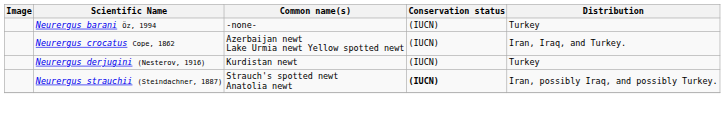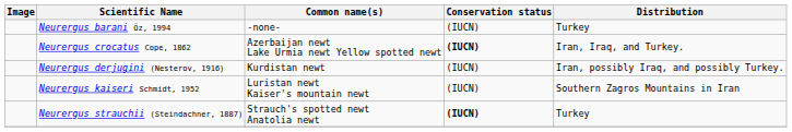 <table class="wikitable">
 <tr>
 <th>Image</th>
 <th>Scientific Name</th>
 <th>Common name(s)</th>
 <th>Conservation status</th>
 <th>Distribution</th>
 </tr>
 <tr>
 <td></td>
 <td><em><a href='#'>Neurergus barani</a></em> <small>Öz, 1994</small></td>
 <td>-none-</td>
 <td> (IUCN)</td>
 <td>Turkey</td>
 </tr>
 <tr>
 <td></td>
 <td><em><a href='#'>Neurergus crocatus</a></em> <small>Cope, 1862</small></td>
 <td>Azerbaijan newt<br>Lake Urmia newt Yellow spotted newt</td>
-<td> (IUCN)</td>
+<td><strong> (IUCN)</strong></td>
 <td>Iran, Iraq, and Turkey.</td>
 </tr>
 <tr>
 <td></td>
 <td><em><a href='#'>Neurergus derjugini</a></em> <small>(Nesterov, 1916)</small></td>
 <td>Kurdistan newt</td>
 <td> (IUCN)</td>
-<td>Turkey</td>
+<td>Iran, possibly Iraq, and possibly Turkey.</td>
+</tr>
+<tr>
+<td></td>
+<td><em><a href='#'>Neurergus kaiseri</a></em> <small>Schmidt, 1952</small></td>
+<td>Luristan newt<br>Kaiser's mountain newt</td>
+<td> (IUCN)</td>
+<td>Southern Zagros Mountains in Iran</td>
 </tr>
 <tr>
 <td></td>
 <td><em><a href='#'>Neurergus strauchii</a></em> <small>(Steindachner, 1887)</small></td>
 <td>Strauch's spotted newt<br>Anatolia newt</td>
 <td><strong> (IUCN)</strong></td>
-<td>Iran, possibly Iraq, and possibly Turkey.</td>
+<td>Turkey</td>
 </tr>
 <tr>
 </tr>
 </table>
